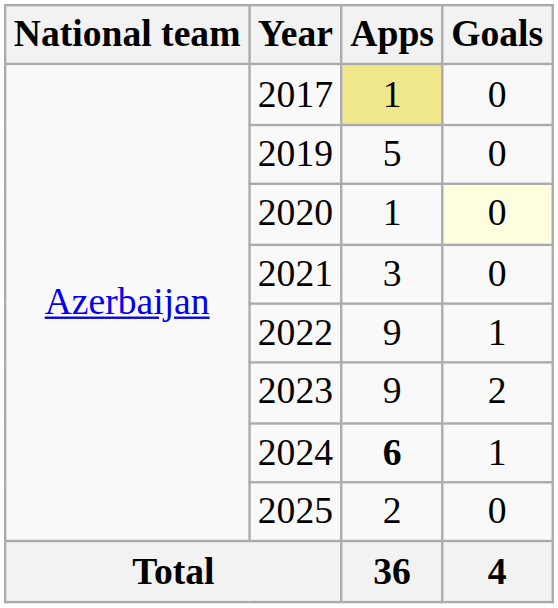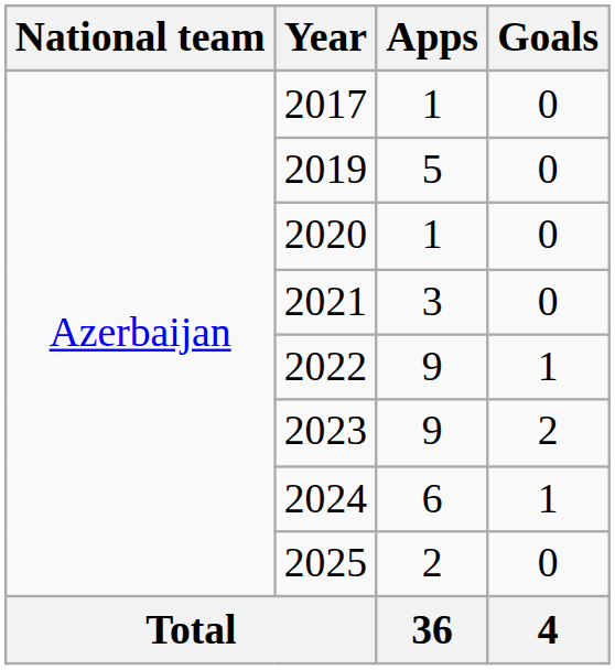 <table class="wikitable" style="text-align:center">
 <tr>
 <th>National team</th>
 <th>Year</th>
 <th>Apps</th>
 <th>Goals</th>
 </tr>
 <tr>
 <td rowspan=8><a href='#'>Azerbaijan</a></td>
 <td>2017</td>
-<td style="background: khaki;">1</td>
+<td>1</td>
 <td>0</td>
 </tr>
 <tr>
 <td>2019</td>
 <td>5</td>
 <td>0</td>
 </tr>
 <tr>
 <td>2020</td>
 <td>1</td>
-<td style="background: lightyellow;">0</td>
+<td>0</td>
 </tr>
 <tr>
 <td>2021</td>
 <td>3</td>
 <td>0</td>
 </tr>
 <tr>
 <td>2022</td>
 <td>9</td>
 <td>1</td>
 </tr>
 <tr>
 <td>2023</td>
 <td>9</td>
 <td>2</td>
 </tr>
 <tr>
 <td>2024</td>
-<td><strong>6</strong></td>
+<td>6</td>
 <td>1</td>
 </tr>
 <tr>
 <td>2025</td>
 <td>2</td>
 <td>0</td>
 </tr>
 <tr>
 <th colspan="2">Total</th>
 <th>36</th>
 <th>4</th>
 </tr>
 </table>
